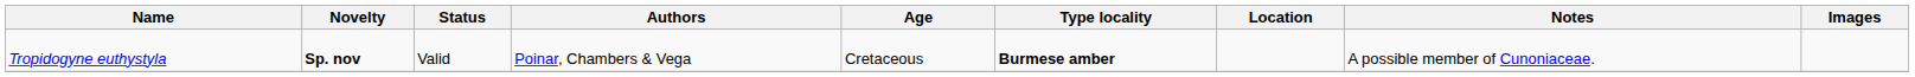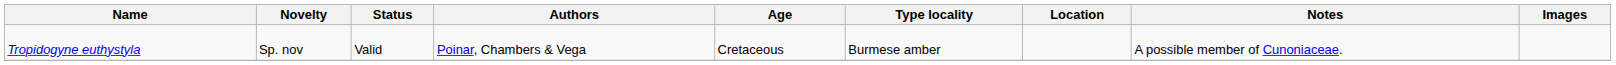 <table class="wikitable sortable" align="center" width="100%">
 <tr>
 <th>Name</th>
 <th>Novelty</th>
 <th>Status</th>
 <th>Authors</th>
 <th>Age</th>
 <th>Type locality</th>
 <th>Location</th>
 <th>Notes</th>
 <th>Images</th>
 </tr>
 <tr>
 <td><br><em><a href='#'>Tropidogyne euthystyla</a></em></td>
-<td><strong><br>Sp. nov</strong></td>
+<td><br>Sp. nov</td>
 <td><br>Valid</td>
 <td><br><a href='#'>Poinar</a>, Chambers & Vega</td>
 <td><br>Cretaceous</td>
-<td><strong><br>Burmese amber</strong></td>
+<td><br>Burmese amber</td>
 <td><br></td>
 <td><br>A possible member of <a href='#'>Cunoniaceae</a>.</td>
 <td></td>
 </tr>
 <tr>
 </tr>
 </table>
